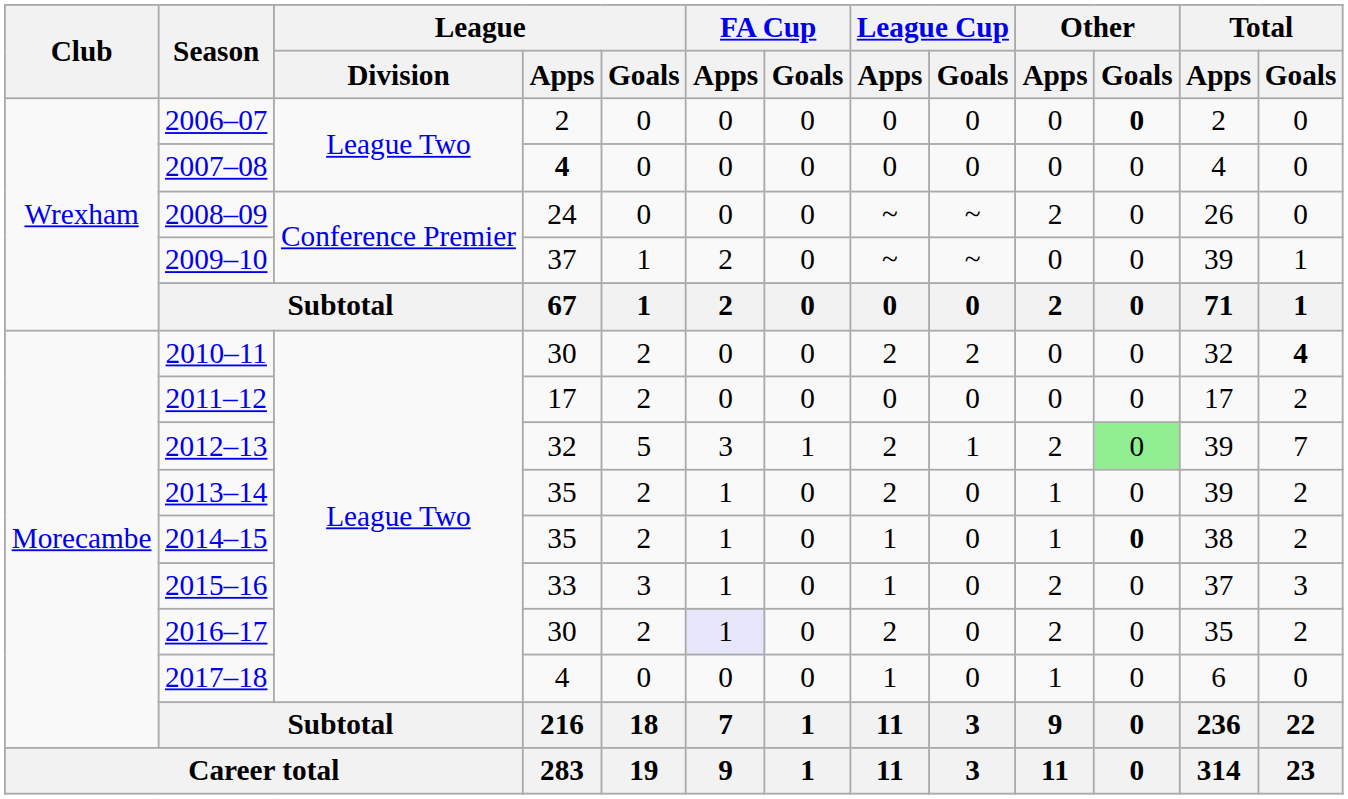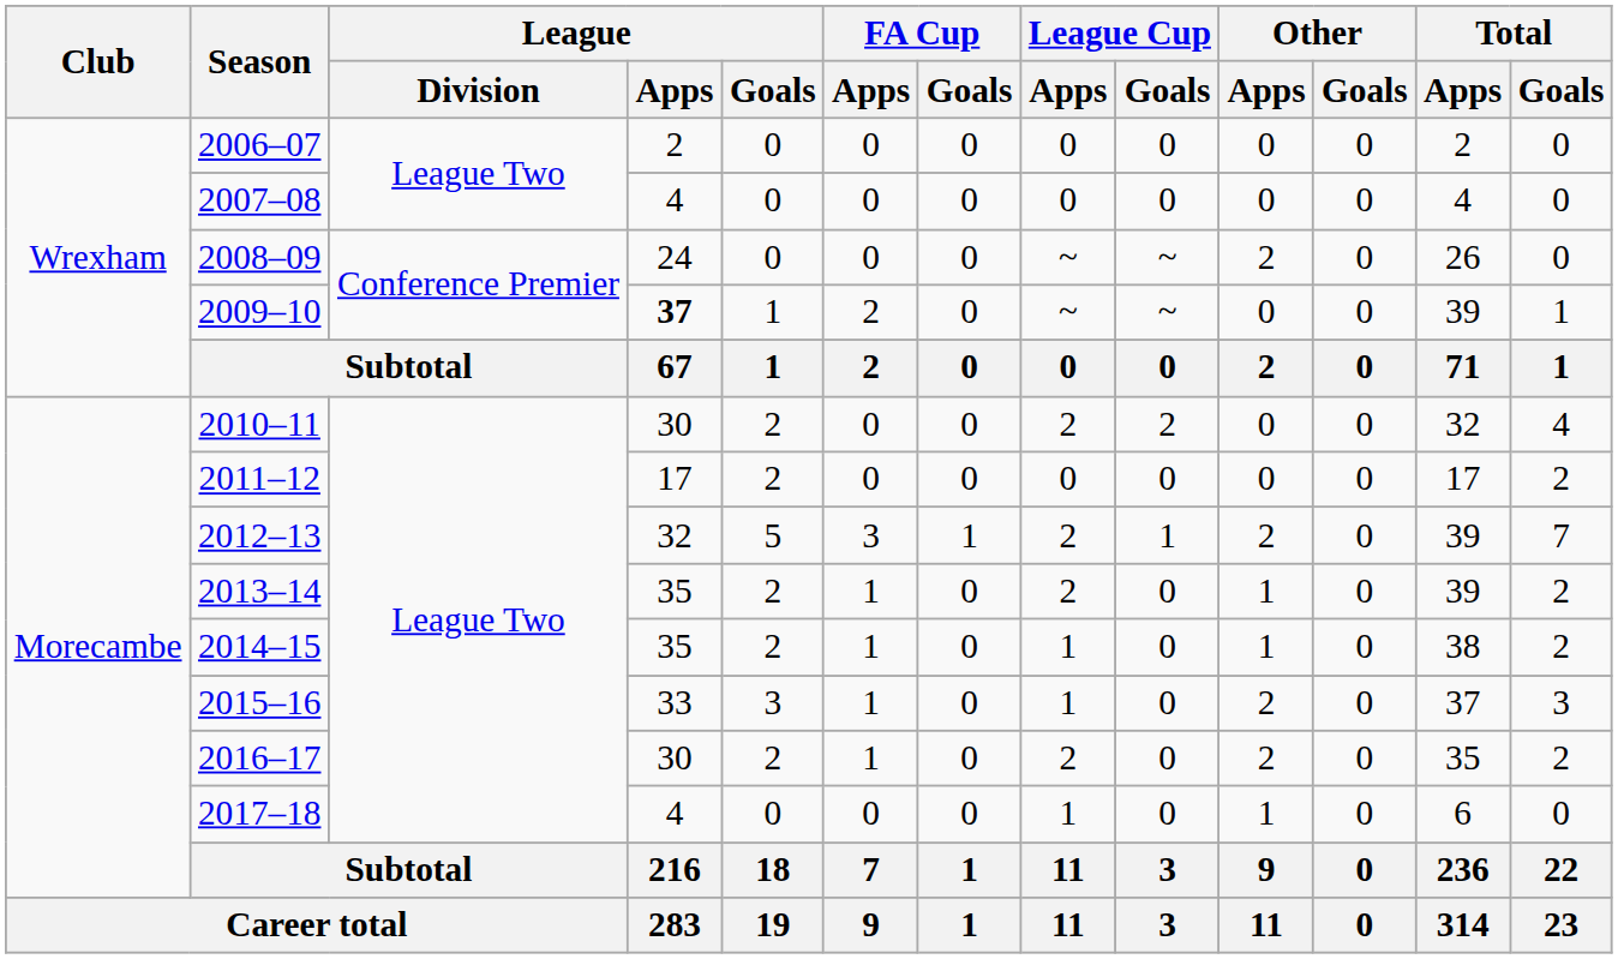 <table class="wikitable" style="text-align: center;">
 <tr>
 <th rowspan=2>Club</th>
 <th rowspan=2>Season</th>
 <th colspan=3>League</th>
 <th colspan=2><a href='#'>FA Cup</a></th>
 <th colspan=2><a href='#'>League Cup</a></th>
 <th colspan=2>Other</th>
 <th colspan=2>Total</th>
 </tr>
 <tr>
 <th>Division</th>
 <th>Apps</th>
 <th>Goals</th>
 <th>Apps</th>
 <th>Goals</th>
 <th>Apps</th>
 <th>Goals</th>
 <th>Apps</th>
 <th>Goals</th>
 <th>Apps</th>
 <th>Goals</th>
 </tr>
 <tr>
 <td rowspan=5><a href='#'>Wrexham</a></td>
 <td><a href='#'>2006–07</a></td>
 <td rowspan="2"><a href='#'>League Two</a></td>
 <td>2</td>
 <td>0</td>
 <td>0</td>
 <td>0</td>
 <td>0</td>
 <td>0</td>
 <td>0</td>
-<td><strong>0</strong></td>
+<td>0</td>
 <td>2</td>
 <td>0</td>
 </tr>
 <tr>
 <td><a href='#'>2007–08</a></td>
-<td><strong>4</strong></td>
+<td>4</td>
 <td>0</td>
 <td>0</td>
 <td>0</td>
 <td>0</td>
 <td>0</td>
 <td>0</td>
 <td>0</td>
 <td>4</td>
 <td>0</td>
 </tr>
 <tr>
 <td><a href='#'>2008–09</a></td>
 <td rowspan="2"><a href='#'>Conference Premier</a></td>
 <td>24</td>
 <td>0</td>
 <td>0</td>
 <td>0</td>
 <td>~</td>
 <td>~</td>
 <td>2</td>
 <td>0</td>
 <td>26</td>
 <td>0</td>
 </tr>
 <tr>
 <td><a href='#'>2009–10</a></td>
-<td>37</td>
+<td><strong>37</strong></td>
 <td>1</td>
 <td>2</td>
 <td>0</td>
 <td>~</td>
 <td>~</td>
 <td>0</td>
 <td>0</td>
 <td>39</td>
 <td>1</td>
 </tr>
 <tr>
 <th colspan="2">Subtotal</th>
 <th>67</th>
 <th>1</th>
 <th>2</th>
 <th>0</th>
 <th>0</th>
 <th>0</th>
 <th>2</th>
 <th>0</th>
 <th>71</th>
 <th>1</th>
 </tr>
 <tr>
 <td rowspan="9"><a href='#'>Morecambe</a></td>
 <td><a href='#'>2010–11</a></td>
 <td rowspan="8"><a href='#'>League Two</a></td>
 <td>30</td>
 <td>2</td>
 <td>0</td>
 <td>0</td>
 <td>2</td>
 <td>2</td>
 <td>0</td>
 <td>0</td>
 <td>32</td>
-<td><strong>4</strong></td>
+<td>4</td>
 </tr>
 <tr>
 <td><a href='#'>2011–12</a></td>
 <td>17</td>
 <td>2</td>
 <td>0</td>
 <td>0</td>
 <td>0</td>
 <td>0</td>
 <td>0</td>
 <td>0</td>
 <td>17</td>
 <td>2</td>
 </tr>
 <tr>
 <td><a href='#'>2012–13</a></td>
 <td>32</td>
 <td>5</td>
 <td>3</td>
 <td>1</td>
 <td>2</td>
 <td>1</td>
 <td>2</td>
-<td style="background: lightgreen;">0</td>
+<td>0</td>
 <td>39</td>
 <td>7</td>
 </tr>
 <tr>
 <td><a href='#'>2013–14</a></td>
 <td>35</td>
 <td>2</td>
 <td>1</td>
 <td>0</td>
 <td>2</td>
 <td>0</td>
 <td>1</td>
 <td>0</td>
 <td>39</td>
 <td>2</td>
 </tr>
 <tr>
 <td><a href='#'>2014–15</a></td>
 <td>35</td>
 <td>2</td>
 <td>1</td>
 <td>0</td>
 <td>1</td>
 <td>0</td>
 <td>1</td>
-<td><strong>0</strong></td>
+<td>0</td>
 <td>38</td>
 <td>2</td>
 </tr>
 <tr>
 <td><a href='#'>2015–16</a></td>
 <td>33</td>
 <td>3</td>
 <td>1</td>
 <td>0</td>
 <td>1</td>
 <td>0</td>
 <td>2</td>
 <td>0</td>
 <td>37</td>
 <td>3</td>
 </tr>
 <tr>
 <td><a href='#'>2016–17</a></td>
 <td>30</td>
 <td>2</td>
-<td style="background: lavender;">1</td>
+<td>1</td>
 <td>0</td>
 <td>2</td>
 <td>0</td>
 <td>2</td>
 <td>0</td>
 <td>35</td>
 <td>2</td>
 </tr>
 <tr>
 <td><a href='#'>2017–18</a></td>
 <td>4</td>
 <td>0</td>
 <td>0</td>
 <td>0</td>
 <td>1</td>
 <td>0</td>
 <td>1</td>
 <td>0</td>
 <td>6</td>
 <td>0</td>
 </tr>
 <tr>
 <th colspan="2">Subtotal</th>
 <th>216</th>
 <th>18</th>
 <th>7</th>
 <th>1</th>
 <th>11</th>
 <th>3</th>
 <th>9</th>
 <th>0</th>
 <th>236</th>
 <th>22</th>
 </tr>
 <tr>
 <th colspan="3">Career total</th>
 <th>283</th>
 <th>19</th>
 <th>9</th>
 <th>1</th>
 <th>11</th>
 <th>3</th>
 <th>11</th>
 <th>0</th>
 <th>314</th>
 <th>23</th>
 </tr>
 </table>
